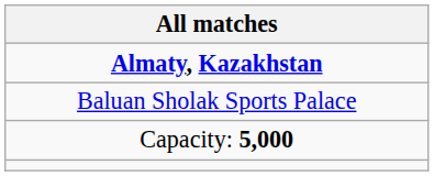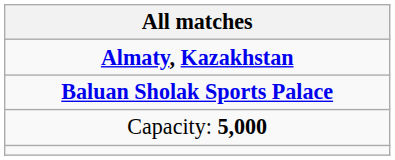 <table class="wikitable" style="text-align:center" width=280>
 <tr>
 <th>All matches</th>
 </tr>
 <tr>
 <td> <strong><a href='#'>Almaty</a>, <a href='#'>Kazakhstan</a></strong></td>
 </tr>
 <tr>
-<td><a href='#'>Baluan Sholak Sports Palace</a></td>
+<td><strong><a href='#'>Baluan Sholak Sports Palace</a></strong></td>
 </tr>
 <tr>
 <td>Capacity: <strong>5,000</strong></td>
 </tr>
 <tr>
 <td></td>
 </tr>
 </table>
